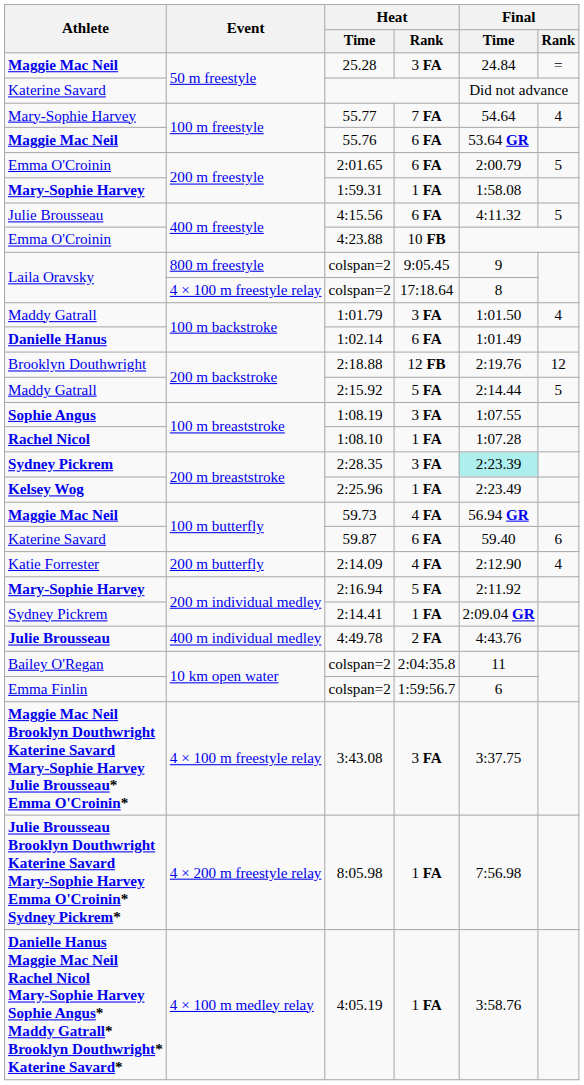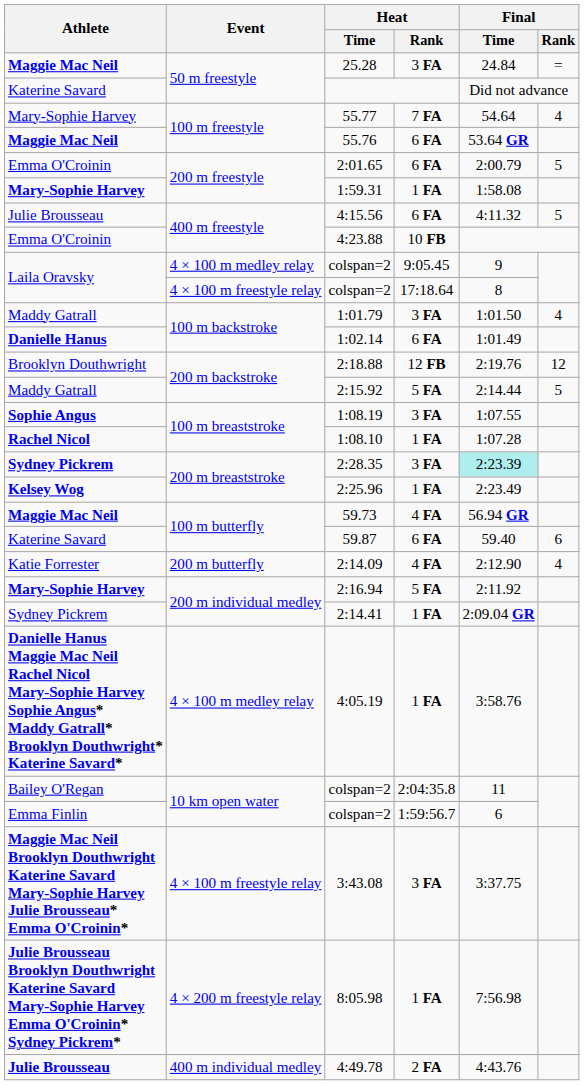 <table class=wikitable style="font-size:90%">
 <tr>
 <th rowspan=2>Athlete</th>
 <th rowspan=2>Event</th>
 <th colspan=2>Heat</th>
 <th colspan=2>Final</th>
 </tr>
 <tr style="font-size:95%">
 <th>Time</th>
 <th>Rank</th>
 <th>Time</th>
 <th>Rank</th>
 </tr>
 <tr align=center>
 <td align=left><strong><a href='#'>Maggie Mac Neil</a></strong></td>
 <td align=left rowspan=2><a href='#'>50 m freestyle</a></td>
 <td>25.28</td>
 <td>3 <strong>FA</strong></td>
 <td>24.84</td>
 <td>=</td>
 </tr>
 <tr align=center>
 <td align=left><a href='#'>Katerine Savard</a></td>
 <td colspan=2></td>
 <td colspan=2>Did not advance</td>
 </tr>
 <tr align=center>
 <td align=left><a href='#'>Mary-Sophie Harvey</a></td>
 <td align=left rowspan=2><a href='#'>100 m freestyle</a></td>
 <td>55.77</td>
 <td>7 <strong>FA</strong></td>
 <td>54.64</td>
 <td>4</td>
 </tr>
 <tr align=center>
 <td align=left><strong><a href='#'>Maggie Mac Neil</a></strong></td>
 <td>55.76</td>
 <td>6 <strong>FA</strong></td>
 <td>53.64 <strong><a href='#'>GR</a></strong></td>
 <td></td>
 </tr>
 <tr align=center>
 <td align=left><a href='#'>Emma O'Croinin</a></td>
 <td align=left rowspan=2><a href='#'>200 m freestyle</a></td>
 <td>2:01.65</td>
 <td>6 <strong>FA</strong></td>
 <td>2:00.79</td>
 <td>5</td>
 </tr>
 <tr align=center>
 <td align=left><strong><a href='#'>Mary-Sophie Harvey</a></strong></td>
 <td>1:59.31</td>
 <td>1 <strong>FA</strong></td>
 <td>1:58.08</td>
 <td></td>
 </tr>
 <tr align=center>
 <td align=left><a href='#'>Julie Brousseau</a></td>
 <td align=left rowspan=2><a href='#'>400 m freestyle</a></td>
 <td>4:15.56</td>
 <td>6 <strong>FA</strong></td>
 <td>4:11.32</td>
 <td>5</td>
 </tr>
 <tr align=center>
 <td align=left><a href='#'>Emma O'Croinin</a></td>
 <td>4:23.88</td>
 <td>10 <strong>FB</strong></td>
 <td colspan=2></td>
 </tr>
 <tr align=center>
 <td align=left rowspan=2><a href='#'>Laila Oravsky</a></td>
-<td align=left><a href='#'>800 m freestyle</a></td>
+<td align=left><a href='#'>4 × 100 m medley relay</a></td>
 <td>colspan=2 </td>
 <td>9:05.45</td>
 <td>9</td>
 </tr>
 <tr align=center>
 <td align=left><a href='#'>4 × 100 m freestyle relay</a></td>
 <td>colspan=2 </td>
 <td>17:18.64</td>
 <td>8</td>
 </tr>
 <tr align=center>
 <td align=left><a href='#'>Maddy Gatrall</a></td>
 <td align=left rowspan=2><a href='#'>100 m backstroke</a></td>
 <td>1:01.79</td>
 <td>3 <strong>FA</strong></td>
 <td>1:01.50</td>
 <td>4</td>
 </tr>
 <tr align=center>
 <td align=left><strong><a href='#'>Danielle Hanus</a></strong></td>
 <td>1:02.14</td>
 <td>6 <strong>FA</strong></td>
 <td>1:01.49</td>
 <td></td>
 </tr>
 <tr align=center>
 <td align=left><a href='#'>Brooklyn Douthwright</a></td>
 <td align=left rowspan=2><a href='#'>200 m backstroke</a></td>
 <td>2:18.88</td>
 <td>12 <strong>FB</strong></td>
 <td>2:19.76</td>
 <td>12</td>
 </tr>
 <tr align=center>
 <td align=left><a href='#'>Maddy Gatrall</a></td>
 <td>2:15.92</td>
 <td>5 <strong>FA</strong></td>
 <td>2:14.44</td>
 <td>5</td>
 </tr>
 <tr align=center>
 <td align=left><strong><a href='#'>Sophie Angus</a></strong></td>
 <td align=left rowspan=2><a href='#'>100 m breaststroke</a></td>
 <td>1:08.19</td>
 <td>3 <strong>FA</strong></td>
 <td>1:07.55</td>
 <td></td>
 </tr>
 <tr align=center>
 <td align=left><strong><a href='#'>Rachel Nicol</a></strong></td>
 <td>1:08.10</td>
 <td>1 <strong>FA</strong></td>
 <td>1:07.28</td>
 <td></td>
 </tr>
 <tr align=center>
 <td align=left><strong><a href='#'>Sydney Pickrem</a></strong></td>
 <td align=left rowspan=2><a href='#'>200 m breaststroke</a></td>
 <td>2:28.35</td>
 <td>3 <strong>FA</strong></td>
 <td style="background: paleturquoise;">2:23.39</td>
 <td></td>
 </tr>
 <tr align=center>
 <td align=left><strong><a href='#'>Kelsey Wog</a></strong></td>
 <td>2:25.96</td>
 <td>1 <strong>FA</strong></td>
 <td>2:23.49</td>
 <td></td>
 </tr>
 <tr align=center>
 <td align=left><strong><a href='#'>Maggie Mac Neil</a></strong></td>
 <td align=left rowspan=2><a href='#'>100 m butterfly</a></td>
 <td>59.73</td>
 <td>4 <strong>FA</strong></td>
 <td>56.94 <strong><a href='#'>GR</a></strong></td>
 <td></td>
 </tr>
 <tr align=center>
 <td align=left><a href='#'>Katerine Savard</a></td>
 <td>59.87</td>
 <td>6 <strong>FA</strong></td>
 <td>59.40</td>
 <td>6</td>
 </tr>
 <tr align=center>
 <td align=left><a href='#'>Katie Forrester</a></td>
 <td align=left><a href='#'>200 m butterfly</a></td>
 <td>2:14.09</td>
 <td>4 <strong>FA</strong></td>
 <td>2:12.90</td>
 <td>4</td>
 </tr>
 <tr align=center>
 <td align=left><strong><a href='#'>Mary-Sophie Harvey</a></strong></td>
 <td align=left rowspan=2><a href='#'>200 m individual medley</a></td>
 <td>2:16.94</td>
 <td>5 <strong>FA</strong></td>
 <td>2:11.92</td>
 <td></td>
 </tr>
 <tr align=center>
 <td align=left><a href='#'>Sydney Pickrem</a></td>
 <td>2:14.41</td>
 <td>1 <strong>FA</strong></td>
 <td>2:09.04 <strong><a href='#'>GR</a></strong></td>
 <td></td>
 </tr>
 <tr align=center>
-<td align=left><strong><a href='#'>Julie Brousseau</a></strong></td>
-<td align=left><a href='#'>400 m individual medley</a></td>
-<td>4:49.78</td>
-<td>2 <strong>FA</strong></td>
-<td>4:43.76</td>
+<td align=left><strong><a href='#'>Danielle Hanus</a><br><a href='#'>Maggie Mac Neil</a><br><a href='#'>Rachel Nicol</a><br><a href='#'>Mary-Sophie Harvey</a><br><a href='#'>Sophie Angus</a>*<br><a href='#'>Maddy Gatrall</a>*<br><a href='#'>Brooklyn Douthwright</a>*<br><a href='#'>Katerine Savard</a>*</strong></td>
+<td align=left><a href='#'>4 × 100 m medley relay</a></td>
+<td>4:05.19</td>
+<td>1 <strong>FA</strong></td>
+<td>3:58.76</td>
 <td></td>
 </tr>
 <tr align=center>
 <td align=left><a href='#'>Bailey O'Regan</a></td>
 <td align=left rowspan=2><a href='#'>10 km open water</a></td>
 <td>colspan=2 </td>
 <td>2:04:35.8</td>
 <td>11</td>
 </tr>
 <tr align=center>
 <td align=left><a href='#'>Emma Finlin</a></td>
 <td>colspan=2 </td>
 <td>1:59:56.7</td>
 <td>6</td>
 </tr>
 <tr align=center>
 <td align=left><strong><a href='#'>Maggie Mac Neil</a><br><a href='#'>Brooklyn Douthwright</a><br><a href='#'>Katerine Savard</a><br><a href='#'>Mary-Sophie Harvey</a><br><a href='#'>Julie Brousseau</a>*<br><a href='#'>Emma O'Croinin</a>*</strong></td>
 <td align=left><a href='#'>4 × 100 m freestyle relay</a></td>
 <td>3:43.08</td>
 <td>3 <strong>FA</strong></td>
 <td>3:37.75</td>
 <td></td>
 </tr>
 <tr align=center>
 <td align=left><strong><a href='#'>Julie Brousseau</a><br><a href='#'>Brooklyn Douthwright</a><br><a href='#'>Katerine Savard</a><br><a href='#'>Mary-Sophie Harvey</a><br><a href='#'>Emma O'Croinin</a>*<br><a href='#'>Sydney Pickrem</a>*</strong></td>
 <td align=left><a href='#'>4 × 200 m freestyle relay</a></td>
 <td>8:05.98</td>
 <td>1 <strong>FA</strong></td>
 <td>7:56.98</td>
 <td></td>
 </tr>
 <tr align=center>
-<td align=left><strong><a href='#'>Danielle Hanus</a><br><a href='#'>Maggie Mac Neil</a><br><a href='#'>Rachel Nicol</a><br><a href='#'>Mary-Sophie Harvey</a><br><a href='#'>Sophie Angus</a>*<br><a href='#'>Maddy Gatrall</a>*<br><a href='#'>Brooklyn Douthwright</a>*<br><a href='#'>Katerine Savard</a>*</strong></td>
-<td align=left><a href='#'>4 × 100 m medley relay</a></td>
-<td>4:05.19</td>
-<td>1 <strong>FA</strong></td>
-<td>3:58.76</td>
+<td align=left><strong><a href='#'>Julie Brousseau</a></strong></td>
+<td align=left><a href='#'>400 m individual medley</a></td>
+<td>4:49.78</td>
+<td>2 <strong>FA</strong></td>
+<td>4:43.76</td>
 <td></td>
 </tr>
 </table>
